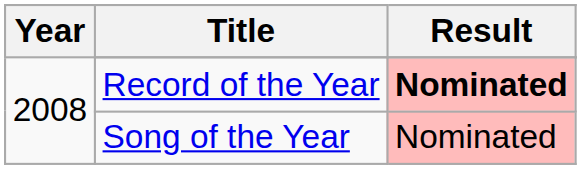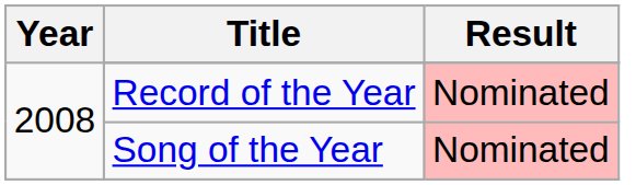 <table class="wikitable">
 <tr>
 <th>Year</th>
 <th>Title</th>
 <th>Result</th>
 </tr>
 <tr>
 <td rowspan="4">2008</td>
 </tr>
 <tr>
 <td><a href='#'>Record of the Year</a></td>
-<td style="background:#fbb;"><strong>Nominated</strong></td>
+<td style="background:#fbb;">Nominated</td>
 </tr>
 <tr>
 <td><a href='#'>Song of the Year</a></td>
 <td style="background:#fbb;">Nominated</td>
 </tr>
 </table>
